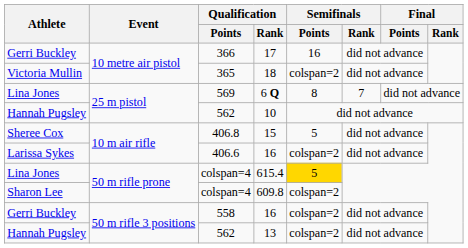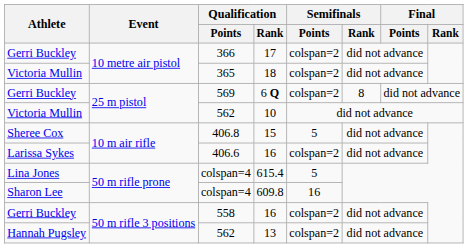 <table class="wikitable" style="font-size:90%;">
 <tr>
 <th rowspan=2>Athlete</th>
 <th rowspan=2>Event</th>
 <th colspan=2>Qualification</th>
 <th colspan=2>Semifinals</th>
 <th colspan=2>Final</th>
 </tr>
 <tr style="font-size:95%">
 <th>Points</th>
 <th>Rank</th>
 <th>Points</th>
 <th>Rank</th>
 <th>Points</th>
 <th>Rank</th>
 </tr>
 <tr align=center>
 <td align=left><a href='#'>Gerri Buckley</a></td>
 <td style="text-align:left;" rowspan="2"><a href='#'>10 metre air pistol</a></td>
 <td>366</td>
 <td>17</td>
-<td>16</td>
+<td>colspan=2 </td>
 <td colspan=2>did not advance</td>
 </tr>
 <tr align=center>
 <td align=left><a href='#'>Victoria Mullin</a></td>
 <td>365</td>
 <td>18</td>
 <td>colspan=2 </td>
 <td colspan=2>did not advance</td>
 </tr>
 <tr align=center>
-<td align=left><a href='#'>Lina Jones</a></td>
+<td align=left><a href='#'>Gerri Buckley</a></td>
 <td style="text-align:left;" rowspan="2"><a href='#'>25 m pistol</a></td>
 <td>569</td>
 <td>6 <strong>Q</strong></td>
+<td>colspan=2 </td>
 <td>8</td>
-<td>7</td>
 <td colspan=2>did not advance</td>
 </tr>
 <tr align=center>
-<td align=left><a href='#'>Hannah Pugsley</a></td>
+<td align=left><a href='#'>Victoria Mullin</a></td>
 <td>562</td>
 <td>10</td>
 <td colspan=4>did not advance</td>
 </tr>
 <tr align=center>
 <td align=left><a href='#'>Sheree Cox</a></td>
 <td style="text-align:left;" rowspan="2"><a href='#'>10 m air rifle</a></td>
 <td>406.8</td>
 <td>15</td>
 <td>5</td>
 <td colspan=2>did not advance</td>
 </tr>
 <tr align=center>
 <td align=left><a href='#'>Larissa Sykes</a></td>
 <td>406.6</td>
 <td>16</td>
 <td>colspan=2 </td>
 <td colspan=2>did not advance</td>
 </tr>
 <tr align=center>
 <td align=left><a href='#'>Lina Jones</a></td>
 <td style="text-align:left;" rowspan="2"><a href='#'>50 m rifle prone</a></td>
 <td>colspan=4 </td>
 <td>615.4</td>
-<td style="background: gold;">5</td>
+<td>5</td>
 </tr>
 <tr align=center>
 <td align=left><a href='#'>Sharon Lee</a></td>
 <td>colspan=4 </td>
 <td>609.8</td>
-<td>colspan=2 </td>
+<td>16</td>
 </tr>
 <tr align=center>
 <td align=left><a href='#'>Gerri Buckley</a></td>
 <td style="text-align:left;" rowspan="2"><a href='#'>50 m rifle 3 positions</a></td>
 <td>558</td>
 <td>16</td>
 <td>colspan=2 </td>
 <td colspan=2>did not advance</td>
 </tr>
 <tr align=center>
 <td align=left><a href='#'>Hannah Pugsley</a></td>
 <td>562</td>
 <td>13</td>
 <td>colspan=2 </td>
 <td colspan=2>did not advance</td>
 </tr>
 </table>
